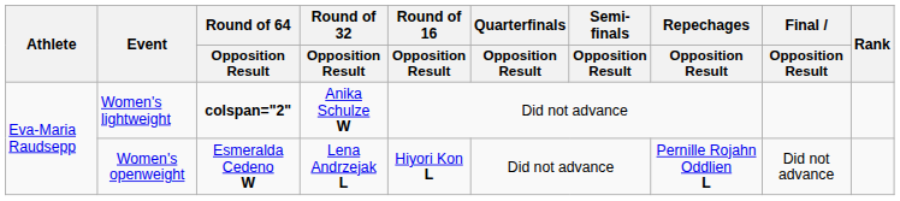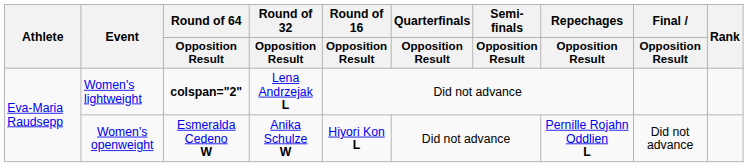 <table class="wikitable" style="font-size:90%">
 <tr>
 <th rowspan="2">Athlete</th>
 <th rowspan="2">Event</th>
 <th>Round of 64</th>
 <th>Round of 32</th>
 <th>Round of 16</th>
 <th>Quarterfinals</th>
 <th>Semi-finals</th>
 <th>Repechages</th>
 <th>Final / </th>
 <th rowspan=2>Rank</th>
 </tr>
 <tr style="font-size:95%">
 <th>Opposition<br>Result</th>
 <th>Opposition<br>Result</th>
 <th>Opposition<br>Result</th>
 <th>Opposition<br>Result</th>
 <th>Opposition<br>Result</th>
 <th>Opposition<br>Result</th>
 <th>Opposition<br>Result</th>
 </tr>
 <tr align=center>
 <td rowspan=2; align=left><a href='#'>Eva-Maria Raudsepp</a></td>
 <td align=left><a href='#'>Women's lightweight</a></td>
 <td><strong>colspan="2" </strong></td>
-<td> <a href='#'>Anika Schulze</a><br><strong>W</strong></td>
+<td> <a href='#'>Lena Andrzejak</a><br><strong>L</strong></td>
 <td colspan="4">Did not advance</td>
 <td></td>
 </tr>
 <tr align=center>
 <td><a href='#'>Women's openweight</a></td>
 <td> <a href='#'>Esmeralda Cedeno</a><br><strong>W</strong></td>
-<td> <a href='#'>Lena Andrzejak</a><br><strong>L</strong></td>
+<td> <a href='#'>Anika Schulze</a><br><strong>W</strong></td>
 <td> <a href='#'>Hiyori Kon</a><br><strong>L</strong></td>
 <td colspan="2">Did not advance</td>
 <td> <a href='#'>Pernille Rojahn Oddlien</a><br><strong>L</strong></td>
 <td>Did not advance</td>
 <td></td>
 </tr>
 </table>
